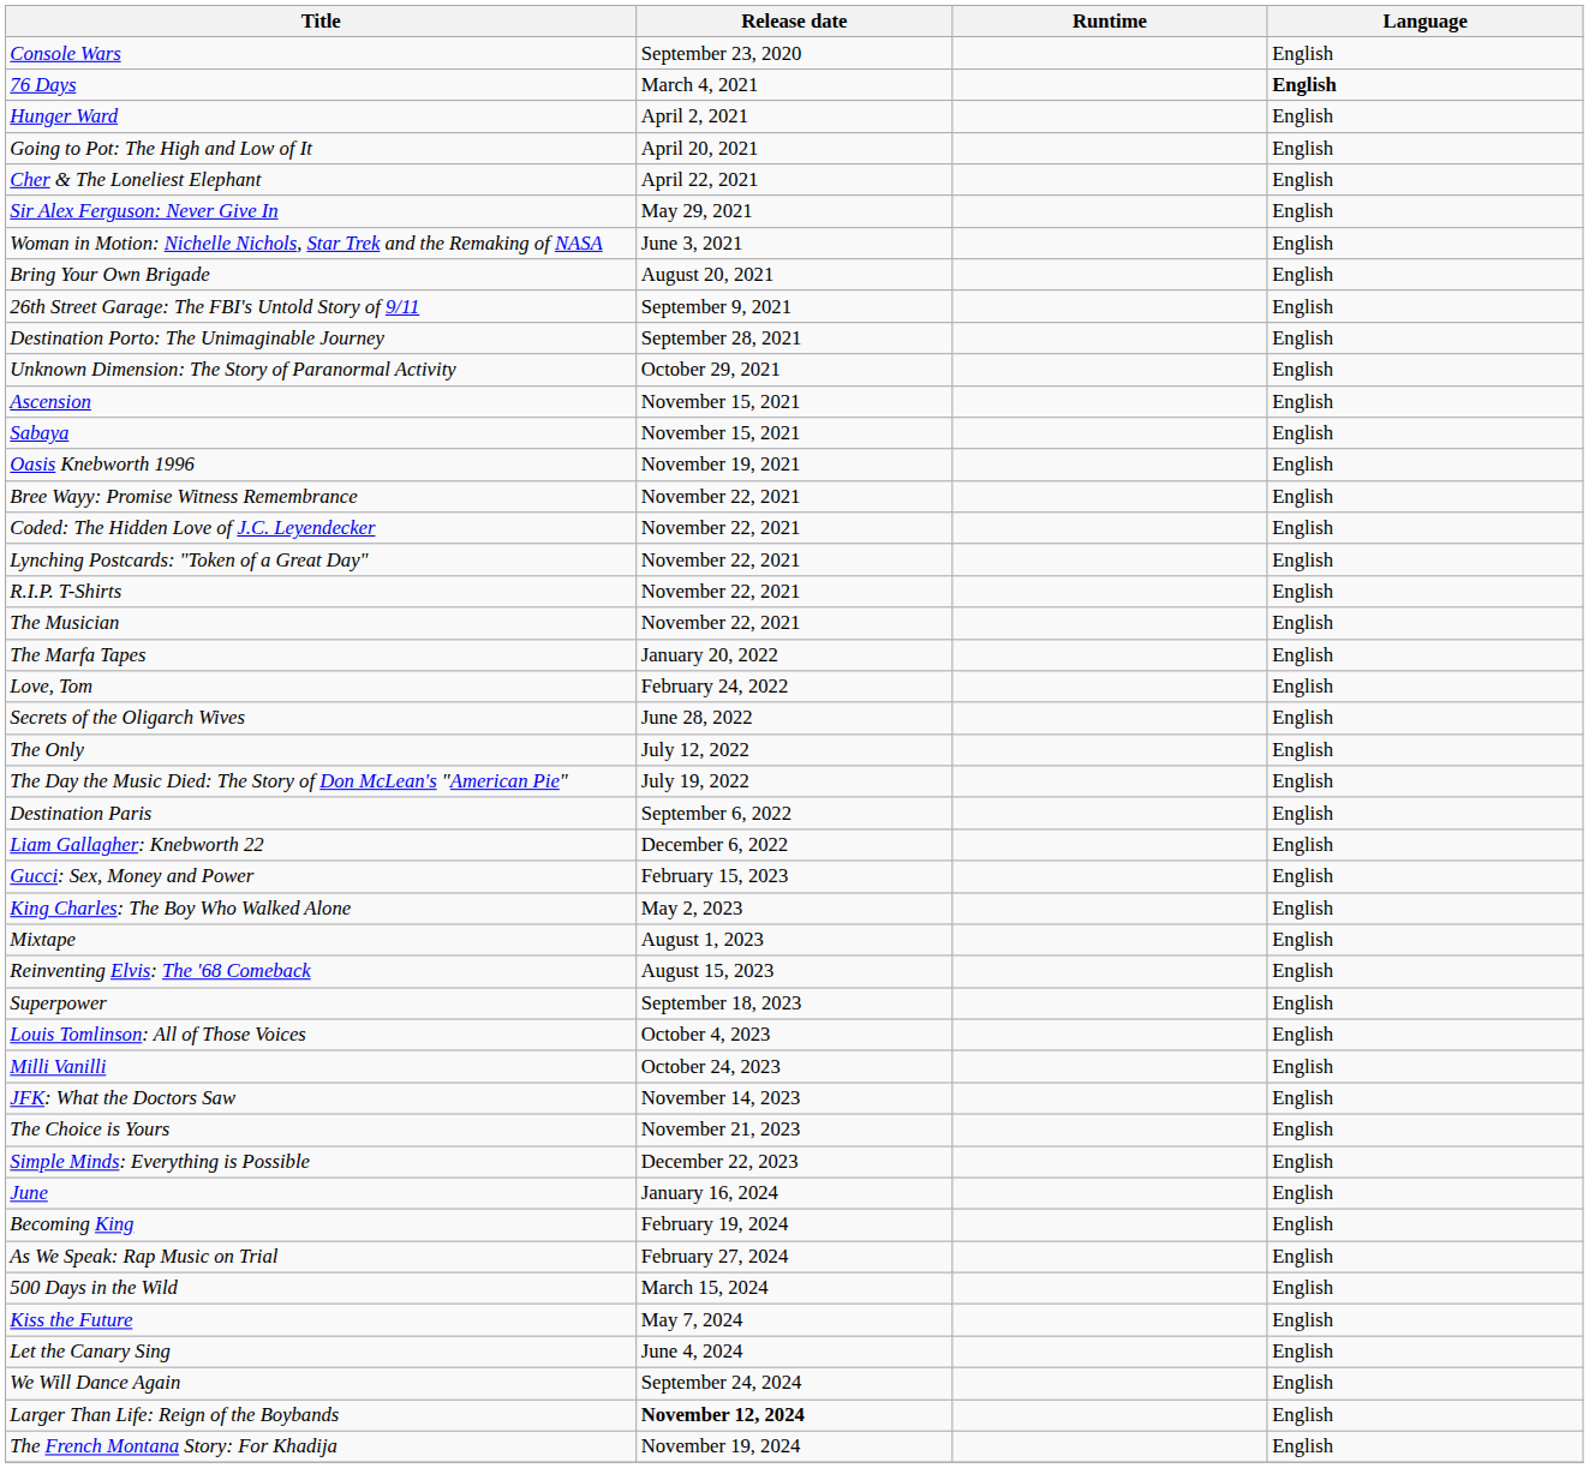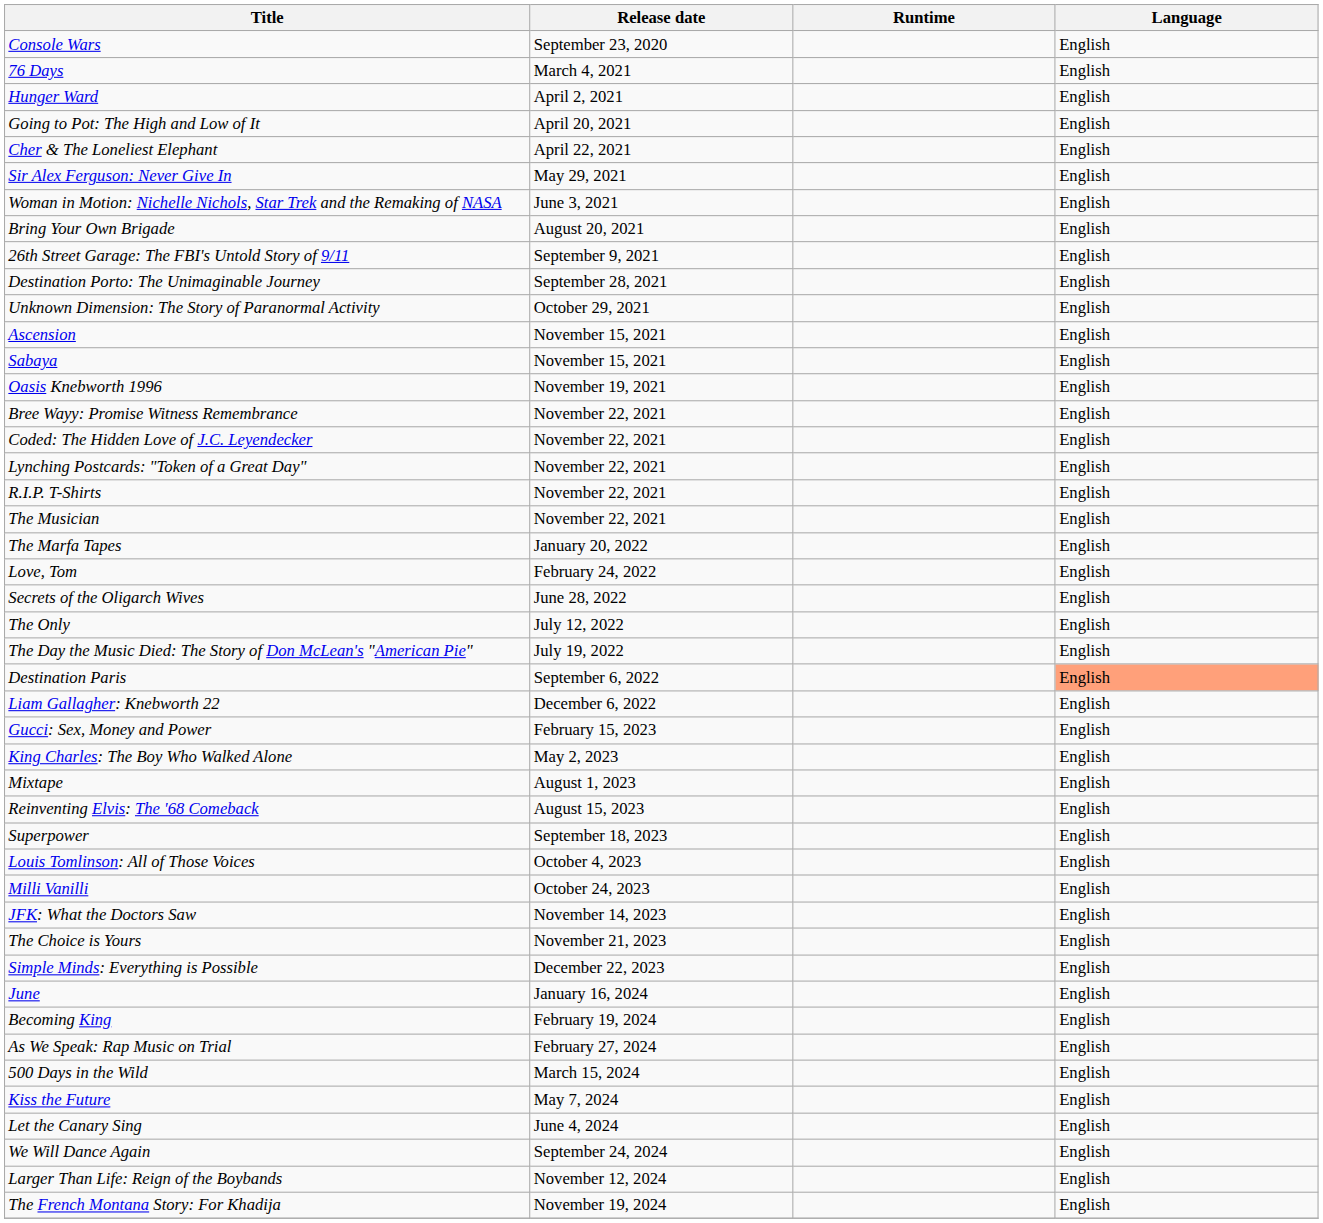 <table class="wikitable sortable" style="width:100%;">
 <tr>
 <th style="width:40%;">Title</th>
 <th style="width:20%;">Release date</th>
 <th style="width:20%;">Runtime</th>
 <th style="width:20%;">Language</th>
 </tr>
 <tr>
 <td><em><a href='#'>Console Wars</a></em></td>
 <td>September 23, 2020</td>
 <td></td>
 <td>English</td>
 </tr>
 <tr>
 <td><em><a href='#'>76 Days</a></em></td>
 <td>March 4, 2021</td>
 <td></td>
-<td><strong>English</strong></td>
+<td>English</td>
 </tr>
 <tr>
 <td><em><a href='#'>Hunger Ward</a></em></td>
 <td>April 2, 2021</td>
 <td></td>
 <td>English</td>
 </tr>
 <tr>
 <td><em>Going to Pot: The High and Low of It</em></td>
 <td>April 20, 2021</td>
 <td></td>
 <td>English</td>
 </tr>
 <tr>
 <td><em><a href='#'>Cher</a> & The Loneliest Elephant</em></td>
 <td>April 22, 2021</td>
 <td></td>
 <td>English</td>
 </tr>
 <tr>
 <td><em><a href='#'>Sir Alex Ferguson: Never Give In</a></em></td>
 <td>May 29, 2021</td>
 <td></td>
 <td>English</td>
 </tr>
 <tr>
 <td><em>Woman in Motion: <a href='#'>Nichelle Nichols</a>, <a href='#'>Star Trek</a> and the Remaking of <a href='#'>NASA</a></em></td>
 <td>June 3, 2021</td>
 <td></td>
 <td>English</td>
 </tr>
 <tr>
 <td><em>Bring Your Own Brigade</em></td>
 <td>August 20, 2021</td>
 <td></td>
 <td>English</td>
 </tr>
 <tr>
 <td><em>26th Street Garage: The FBI's Untold Story of <a href='#'>9/11</a></em></td>
 <td>September 9, 2021</td>
 <td></td>
 <td>English</td>
 </tr>
 <tr>
 <td><em>Destination Porto: The Unimaginable Journey</em></td>
 <td>September 28, 2021</td>
 <td></td>
 <td>English</td>
 </tr>
 <tr>
 <td><em>Unknown Dimension: The Story of Paranormal Activity</em></td>
 <td>October 29, 2021</td>
 <td></td>
 <td>English</td>
 </tr>
 <tr>
 <td><em><a href='#'>Ascension</a></em></td>
 <td>November 15, 2021</td>
 <td></td>
 <td>English</td>
 </tr>
 <tr>
 <td><em><a href='#'>Sabaya</a></em></td>
 <td>November 15, 2021</td>
 <td></td>
 <td>English</td>
 </tr>
 <tr>
 <td><em><a href='#'>Oasis</a> Knebworth 1996</em></td>
 <td>November 19, 2021</td>
 <td></td>
 <td>English</td>
 </tr>
 <tr>
 <td><em>Bree Wayy: Promise Witness Remembrance</em></td>
 <td>November 22, 2021</td>
 <td></td>
 <td>English</td>
 </tr>
 <tr>
 <td><em>Coded: The Hidden Love of <a href='#'>J.C. Leyendecker</a></em></td>
 <td>November 22, 2021</td>
 <td></td>
 <td>English</td>
 </tr>
 <tr>
 <td><em>Lynching Postcards: "Token of a Great Day"</em></td>
 <td>November 22, 2021</td>
 <td></td>
 <td>English</td>
 </tr>
 <tr>
 <td><em>R.I.P. T-Shirts</em></td>
 <td>November 22, 2021</td>
 <td></td>
 <td>English</td>
 </tr>
 <tr>
 <td><em>The Musician</em></td>
 <td>November 22, 2021</td>
 <td></td>
 <td>English</td>
 </tr>
 <tr>
 <td><em>The Marfa Tapes</em></td>
 <td>January 20, 2022</td>
 <td></td>
 <td>English</td>
 </tr>
 <tr>
 <td><em>Love, Tom</em></td>
 <td>February 24, 2022</td>
 <td></td>
 <td>English</td>
 </tr>
 <tr>
 <td><em>Secrets of the Oligarch Wives</em></td>
 <td>June 28, 2022</td>
 <td></td>
 <td>English</td>
 </tr>
 <tr>
 <td><em>The Only</em></td>
 <td>July 12, 2022</td>
 <td></td>
 <td>English</td>
 </tr>
 <tr>
 <td><em>The Day the Music Died: The Story of <a href='#'>Don McLean's</a> "<a href='#'>American Pie</a>"</em></td>
 <td>July 19, 2022</td>
 <td></td>
 <td>English</td>
 </tr>
 <tr>
 <td><em>Destination Paris</em></td>
 <td>September 6, 2022</td>
 <td></td>
-<td>English</td>
+<td style="background: lightsalmon;">English</td>
 </tr>
 <tr>
 <td><em><a href='#'>Liam Gallagher</a>: Knebworth 22</em></td>
 <td>December 6, 2022</td>
 <td></td>
 <td>English</td>
 </tr>
 <tr>
 <td><em><a href='#'>Gucci</a>: Sex, Money and Power</em></td>
 <td>February 15, 2023</td>
 <td></td>
 <td>English</td>
 </tr>
 <tr>
 <td><em><a href='#'>King Charles</a>: The Boy Who Walked Alone</em></td>
 <td>May 2, 2023</td>
 <td></td>
 <td>English</td>
 </tr>
 <tr>
 <td><em>Mixtape</em></td>
 <td>August 1, 2023</td>
 <td></td>
 <td>English</td>
 </tr>
 <tr>
 <td><em>Reinventing <a href='#'>Elvis</a>: <a href='#'>The '68 Comeback</a></em></td>
 <td>August 15, 2023</td>
 <td></td>
 <td>English</td>
 </tr>
 <tr>
 <td><em>Superpower</em></td>
 <td>September 18, 2023</td>
 <td></td>
 <td>English</td>
 </tr>
 <tr>
 <td><em><a href='#'>Louis Tomlinson</a>: All of Those Voices</em></td>
 <td>October 4, 2023</td>
 <td></td>
 <td>English</td>
 </tr>
 <tr>
 <td><em><a href='#'>Milli Vanilli</a></em></td>
 <td>October 24, 2023</td>
 <td></td>
 <td>English</td>
 </tr>
 <tr>
 <td><em><a href='#'>JFK</a>: What the Doctors Saw</em></td>
 <td>November 14, 2023</td>
 <td></td>
 <td>English</td>
 </tr>
 <tr>
 <td><em>The Choice is Yours</em></td>
 <td>November 21, 2023</td>
 <td></td>
 <td>English</td>
 </tr>
 <tr>
 <td><em><a href='#'>Simple Minds</a>: Everything is Possible</em></td>
 <td>December 22, 2023</td>
 <td></td>
 <td>English</td>
 </tr>
 <tr>
 <td><em><a href='#'>June</a></em></td>
 <td>January 16, 2024</td>
 <td></td>
 <td>English</td>
 </tr>
 <tr>
 <td><em>Becoming <a href='#'>King</a></em></td>
 <td>February 19, 2024</td>
 <td></td>
 <td>English</td>
 </tr>
 <tr>
 <td><em>As We Speak: Rap Music on Trial</em></td>
 <td>February 27, 2024</td>
 <td></td>
 <td>English</td>
 </tr>
 <tr>
 <td><em>500 Days in the Wild</em></td>
 <td>March 15, 2024</td>
 <td></td>
 <td>English</td>
 </tr>
 <tr>
 <td><em><a href='#'>Kiss the Future</a></em></td>
 <td>May 7, 2024</td>
 <td></td>
 <td>English</td>
 </tr>
 <tr>
 <td><em>Let the Canary Sing</em></td>
 <td>June 4, 2024</td>
 <td></td>
 <td>English</td>
 </tr>
 <tr>
 <td><em>We Will Dance Again</em></td>
 <td>September 24, 2024</td>
 <td></td>
 <td>English</td>
 </tr>
 <tr>
 <td><em>Larger Than Life: Reign of the Boybands</em></td>
-<td><strong>November 12, 2024</strong></td>
+<td>November 12, 2024</td>
 <td></td>
 <td>English</td>
 </tr>
 <tr>
 <td><em>The <a href='#'>French Montana</a> Story: For Khadija</em></td>
 <td>November 19, 2024</td>
 <td></td>
 <td>English</td>
 </tr>
 <tr>
 </tr>
 </table>
